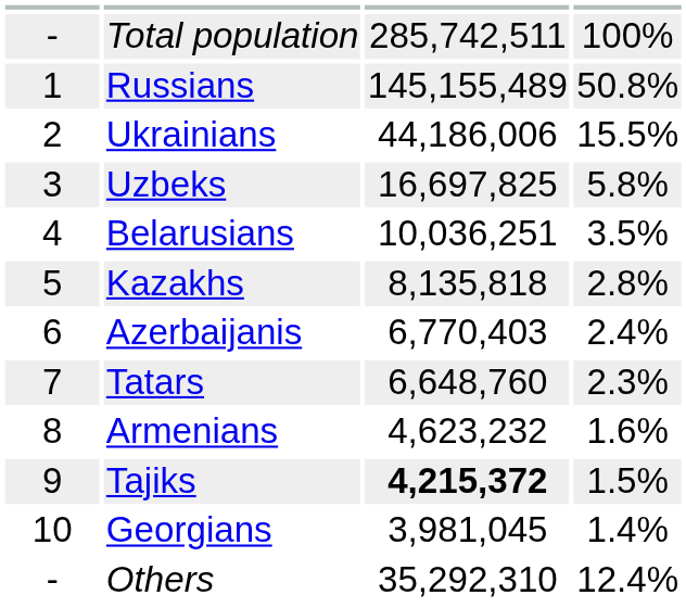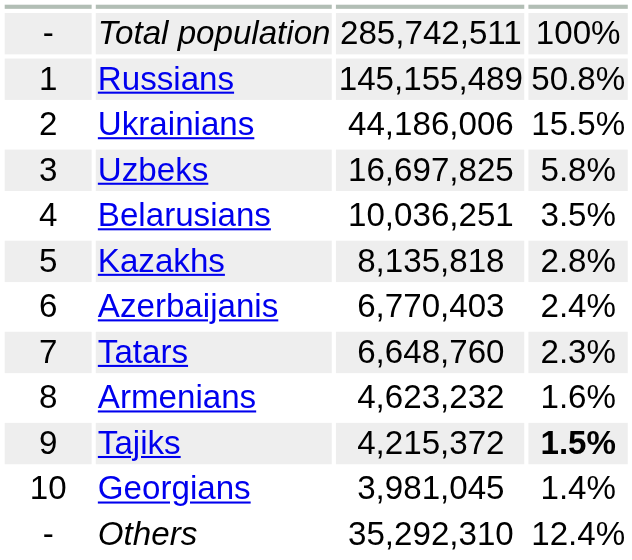 <table class="toccolours sortable" style="padding:0.5em;">
 <tr bgcolor="#B2BEB5" valign=bottom>
 <th style="width:40px"></th>
 <th></th>
 <th></th>
 <th data-sort-type="number"></th>
 </tr>
 <tr align=center style="background:#eeeeee;">
 <td>-</td>
 <td align=left><em>Total population</em></td>
 <td>285,742,511</td>
 <td>100%</td>
 </tr>
 <tr align=center style="background:#eeeeee;">
 <td>1</td>
 <td align=left><a href='#'>Russians</a></td>
 <td>145,155,489</td>
 <td>50.8%</td>
 </tr>
 <tr align=center style="background:#ffffff;">
 <td>2</td>
 <td align=left><a href='#'>Ukrainians</a></td>
 <td>44,186,006</td>
 <td>15.5%</td>
 </tr>
 <tr align=center style="background:#eeeeee;">
 <td>3</td>
 <td align=left><a href='#'>Uzbeks</a></td>
 <td>16,697,825</td>
 <td>5.8%</td>
 </tr>
 <tr align=center style="background:#ffffff;">
 <td>4</td>
 <td align=left><a href='#'>Belarusians</a></td>
 <td>10,036,251</td>
 <td>3.5%</td>
 </tr>
 <tr align=center style="background:#eeeeee;">
 <td>5</td>
 <td align=left><a href='#'>Kazakhs</a></td>
 <td>8,135,818</td>
 <td>2.8%</td>
 </tr>
 <tr align=center style="background:#ffffff;">
 <td>6</td>
 <td align=left><a href='#'>Azerbaijanis</a></td>
 <td>6,770,403</td>
 <td>2.4%</td>
 </tr>
 <tr align=center style="background:#eeeeee;">
 <td>7</td>
 <td align=left><a href='#'>Tatars</a></td>
 <td>6,648,760</td>
 <td>2.3%</td>
 </tr>
 <tr align=center style="background:#ffffff;">
 <td>8</td>
 <td align=left><a href='#'>Armenians</a></td>
 <td>4,623,232</td>
 <td>1.6%</td>
 </tr>
 <tr align=center style="background:#eeeeee;">
 <td>9</td>
 <td align=left><a href='#'>Tajiks</a></td>
-<td><strong>4,215,372</strong></td>
-<td>1.5%</td>
+<td>4,215,372</td>
+<td><strong>1.5%</strong></td>
 </tr>
 <tr align=center style="background:#ffffff;">
 <td>10</td>
 <td align=left><a href='#'>Georgians</a></td>
 <td>3,981,045</td>
 <td>1.4%</td>
 </tr>
 <tr align=center style="background:#ffffff;">
 <td>-</td>
 <td align=left><em>Others</em></td>
 <td>35,292,310</td>
 <td>12.4%</td>
 </tr>
 </table>
